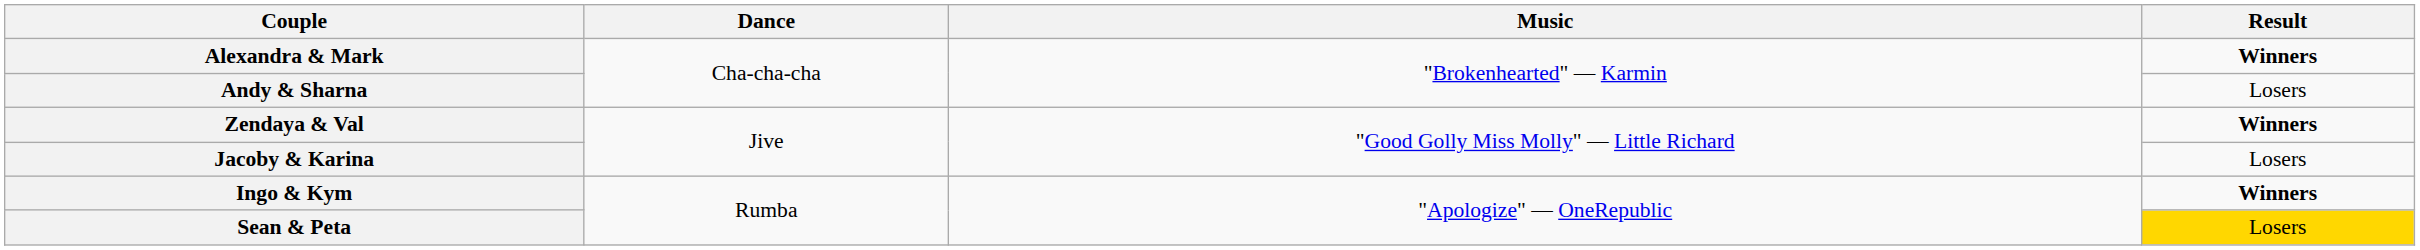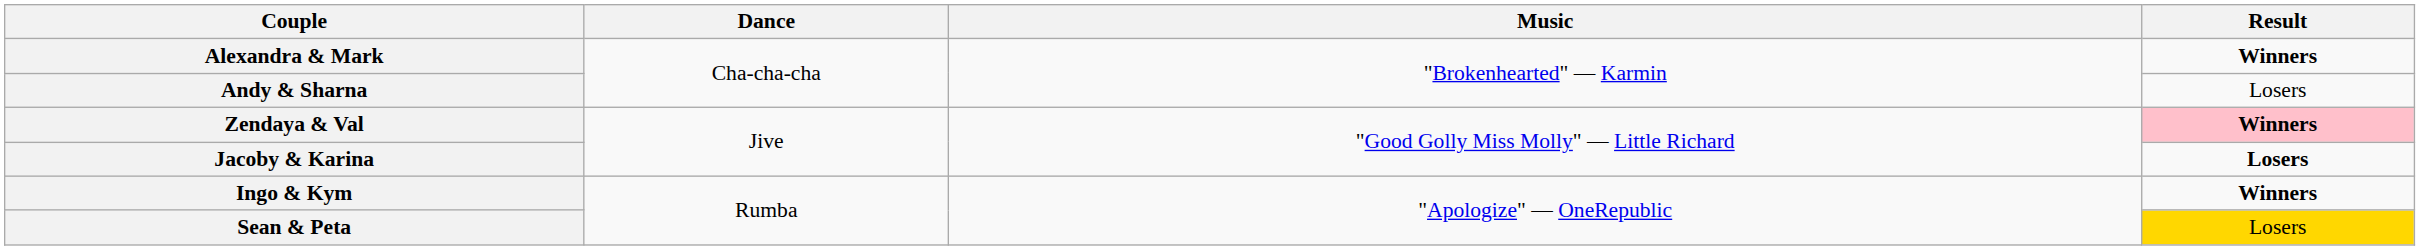 <table class="wikitable unsortable" style="text-align:center; width:90%">
 <tr>
 <th scope="col">Couple</th>
 <th scope="col">Dance</th>
 <th scope="col">Music</th>
 <th scope="col">Result</th>
 </tr>
 <tr>
 <th scope="row">Alexandra & Mark</th>
 <td rowspan=2>Cha-cha-cha</td>
 <td rowspan=2>"<a href='#'>Brokenhearted</a>" — <a href='#'>Karmin</a></td>
 <td><strong>Winners</strong></td>
 </tr>
 <tr>
 <th scope="row">Andy & Sharna</th>
 <td>Losers</td>
 </tr>
 <tr>
 <th scope="row">Zendaya & Val</th>
 <td rowspan=2>Jive</td>
 <td rowspan=2>"<a href='#'>Good Golly Miss Molly</a>" — <a href='#'>Little Richard</a></td>
-<td><strong>Winners</strong></td>
+<td style="background: pink;"><strong>Winners</strong></td>
 </tr>
 <tr>
 <th scope="row">Jacoby & Karina</th>
-<td>Losers</td>
+<td><strong>Losers</strong></td>
 </tr>
 <tr>
 <th scope="row">Ingo & Kym</th>
 <td rowspan=2>Rumba</td>
 <td rowspan=2>"<a href='#'>Apologize</a>" — <a href='#'>OneRepublic</a></td>
 <td><strong>Winners</strong></td>
 </tr>
 <tr>
 <th scope="row">Sean & Peta</th>
 <td style="background: gold;">Losers</td>
 </tr>
 </table>
